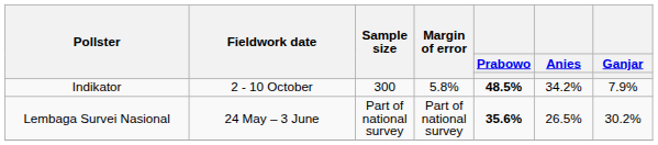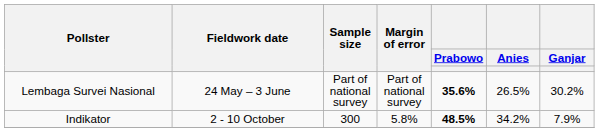 <table class="wikitable" style="text-align:center; font-size:90%; line-height:14px;">
 <tr style="height:55px; background-color:#E9E9E9">
 <th rowspan="3" style="width:200px;">Pollster</th>
 <th rowspan="3" style="width:180px;">Fieldwork date</th>
 <th rowspan="3" style="width:60px;">Sample size</th>
 <th rowspan="3" style="width:60px;">Margin of error</th>
 <th style="width:60px;"></th>
 <th style="width:60px;"></th>
 <th style="width:60px;"></th>
 </tr>
 <tr>
 <th><a href='#'>Prabowo</a> <br></th>
 <th><a href='#'>Anies</a> <br></th>
 <th><a href='#'>Ganjar</a> <br></th>
 </tr>
 <tr>
 <th class="unsortable" style="color:inherit;background:"></th>
 <th class="unsortable" style="color:inherit;background:"></th>
 <th class="unsortable" style="color:inherit;background:"></th>
 </tr>
 <tr>
+<td>Lembaga Survei Nasional</td>
+<td>24 May – 3 June</td>
+<td>Part of national survey</td>
+<td>Part of national survey</td>
+<td style="background-color:#"><strong>35.6%</strong> </td>
+<td>26.5% </td>
+<td>30.2% </td>
+</tr>
+<tr>
 <td>Indikator</td>
 <td>2 - 10 October</td>
 <td>300</td>
 <td>5.8%</td>
 <td style="background-color:#"><strong>48.5%</strong> </td>
 <td>34.2% </td>
 <td>7.9% </td>
 </tr>
 <tr>
-<td>Lembaga Survei Nasional</td>
-<td>24 May – 3 June</td>
-<td>Part of national survey</td>
-<td>Part of national survey</td>
-<td style="background-color:#"><strong>35.6%</strong> </td>
-<td>26.5% </td>
-<td>30.2% </td>
-</tr>
-<tr>
 </tr>
 </table>
